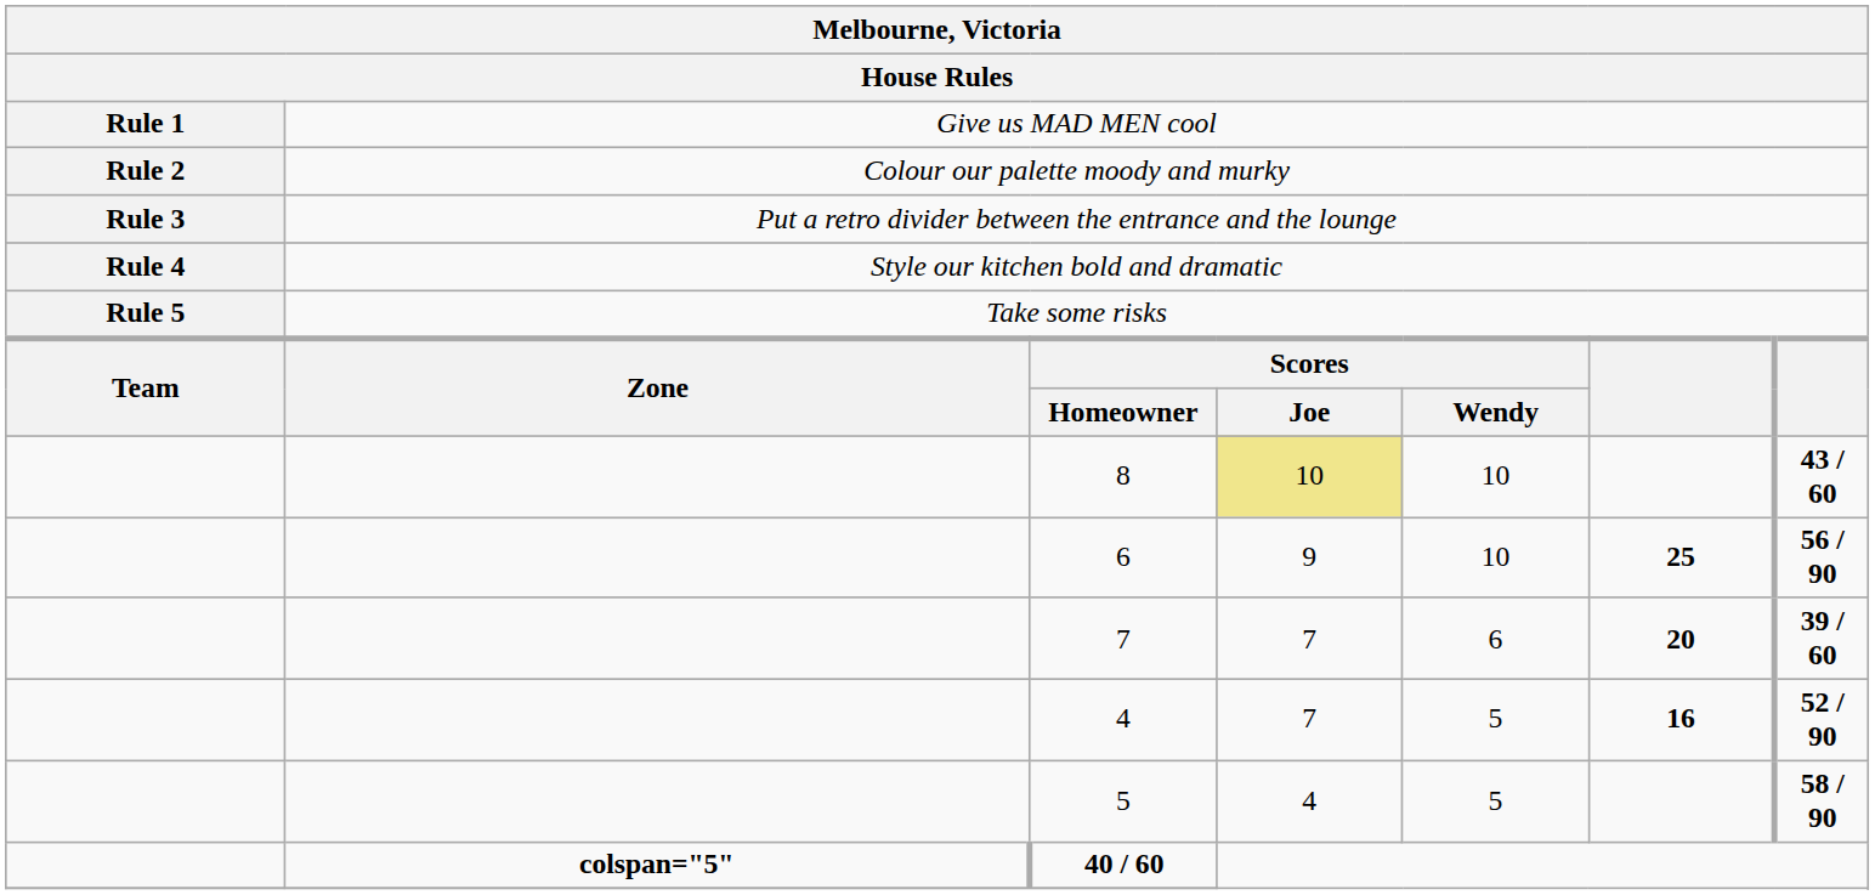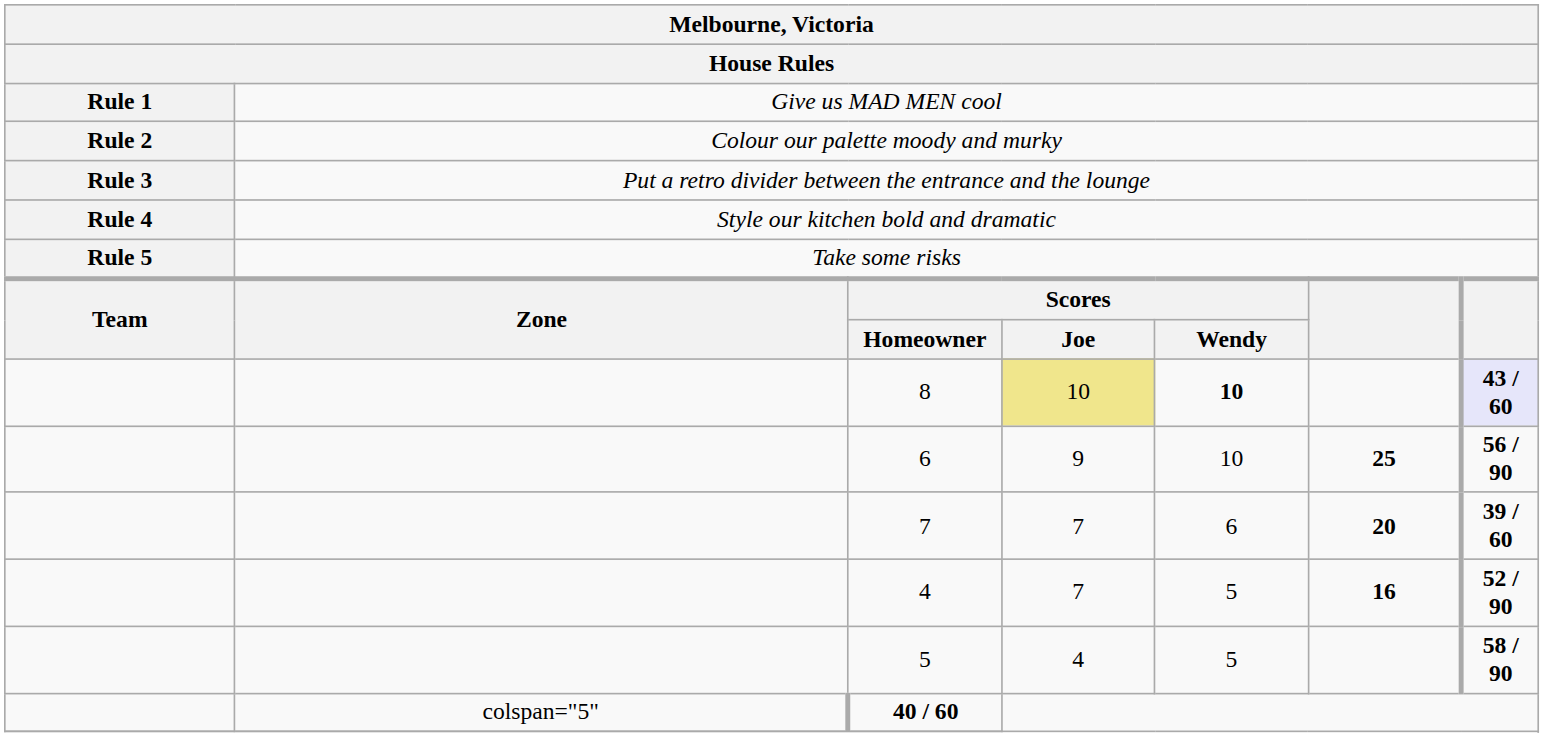 <table class="wikitable plainrowheaders" style="text-align:center; font-size:90%; width:65em;">
 <tr>
 <th colspan="7" >Melbourne, Victoria</th>
 </tr>
 <tr>
 <th colspan="7">House Rules</th>
 </tr>
 <tr>
 <th>Rule 1</th>
 <td colspan="6"><em>Give us MAD MEN cool</em></td>
 </tr>
 <tr>
 <th>Rule 2</th>
 <td colspan="6"><em>Colour our palette moody and murky</em></td>
 </tr>
 <tr>
 <th>Rule 3</th>
 <td colspan="6"><em>Put a retro divider between the entrance and the lounge</em></td>
 </tr>
 <tr>
 <th>Rule 4</th>
 <td colspan="6"><em>Style our kitchen bold and dramatic</em></td>
 </tr>
 <tr>
 <th>Rule 5</th>
 <td colspan="6"><em>Take some risks</em></td>
 </tr>
 <tr style="border-top:3px solid #aaa;">
 <th rowspan="2">Team</th>
 <th rowspan="2" style="width:40%;">Zone</th>
 <th colspan="3" style="width:40%;">Scores</th>
 <th rowspan="2" style="width:10%;"></th>
 <th rowspan="2" style="width:10%; border-left:3px solid #aaa;"></th>
 </tr>
 <tr>
 <th style="width:10%;">Homeowner</th>
 <th style="width:10%;">Joe</th>
 <th style="width:10%;">Wendy</th>
 </tr>
 <tr>
 <td style="width:15%;"></td>
 <td></td>
 <td>8</td>
 <td style="background: khaki;">10</td>
-<td>10</td>
+<td><strong>10</strong></td>
 <td></td>
-<td style="border-left:3px solid #aaa;"><strong>43 / 60</strong></td>
+<td style="background: lavender; border-left:3px solid #aaa;"><strong>43 / 60</strong></td>
 </tr>
 <tr>
 <td style="width:15%;"></td>
 <td></td>
 <td>6</td>
 <td>9</td>
 <td>10</td>
 <td><strong>25</strong></td>
 <td style="border-left:3px solid #aaa;"><strong>56 / 90</strong></td>
 </tr>
 <tr>
 <td style="width:15%;"></td>
 <td></td>
 <td>7</td>
 <td>7</td>
 <td>6</td>
 <td><strong>20</strong></td>
 <td style="border-left:3px solid #aaa;"><strong>39 / 60</strong></td>
 </tr>
 <tr>
 <td style="width:15%;"></td>
 <td></td>
 <td>4</td>
 <td>7</td>
 <td>5</td>
 <td><strong>16</strong></td>
 <td style="border-left:3px solid #aaa;"><strong>52 / 90</strong></td>
 </tr>
 <tr>
 <td style="width:15%;"></td>
 <td></td>
 <td>5</td>
 <td>4</td>
 <td>5</td>
 <td></td>
 <td style="border-left:3px solid #aaa;"><strong>58 / 90</strong></td>
 </tr>
 <tr>
 <td style="width:15%;"></td>
-<td><strong>colspan="5" </strong></td>
+<td>colspan="5" </td>
 <td style="border-left:3px solid #aaa;"><strong>40 / 60</strong></td>
 </tr>
 <tr>
 </tr>
 </table>
